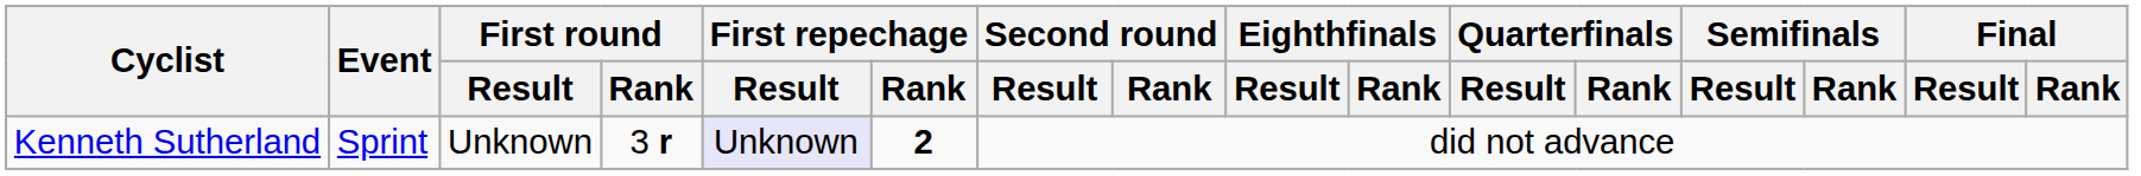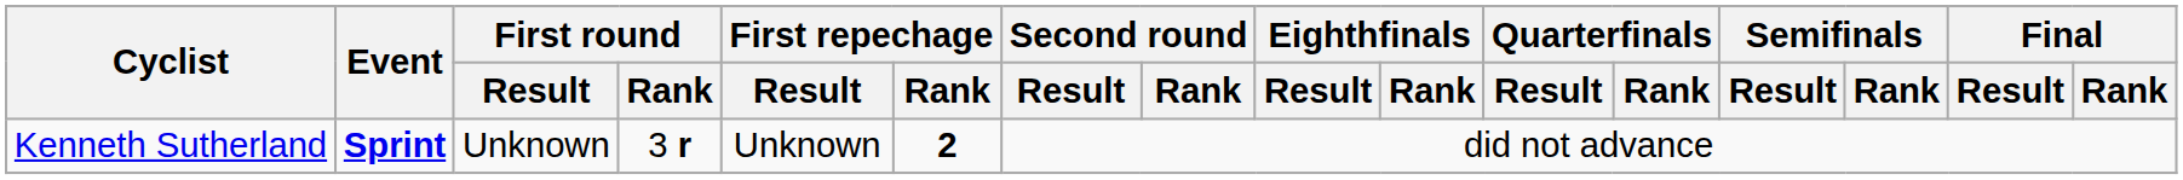 <table class=wikitable style="font-size:90%">
 <tr>
 <th rowspan=2>Cyclist</th>
 <th rowspan=2>Event</th>
 <th colspan=2>First round</th>
 <th colspan=2>First repechage</th>
 <th colspan=2>Second round</th>
 <th colspan=2>Eighthfinals</th>
 <th colspan=2>Quarterfinals</th>
 <th colspan=2>Semifinals</th>
 <th colspan=2>Final</th>
 </tr>
 <tr>
 <th>Result</th>
 <th>Rank</th>
 <th>Result</th>
 <th>Rank</th>
 <th>Result</th>
 <th>Rank</th>
 <th>Result</th>
 <th>Rank</th>
 <th>Result</th>
 <th>Rank</th>
 <th>Result</th>
 <th>Rank</th>
 <th>Result</th>
 <th>Rank</th>
 </tr>
 <tr>
 <td><a href='#'>Kenneth Sutherland</a></td>
-<td><a href='#'>Sprint</a></td>
+<td><strong><a href='#'>Sprint</a></strong></td>
 <td align=center>Unknown</td>
 <td align=center>3 <strong>r</strong></td>
-<td align=center style="background: lavender;">Unknown</td>
+<td align=center>Unknown</td>
 <td align=center><strong>2</strong></td>
 <td align=center colspan=10>did not advance</td>
 </tr>
 </table>
